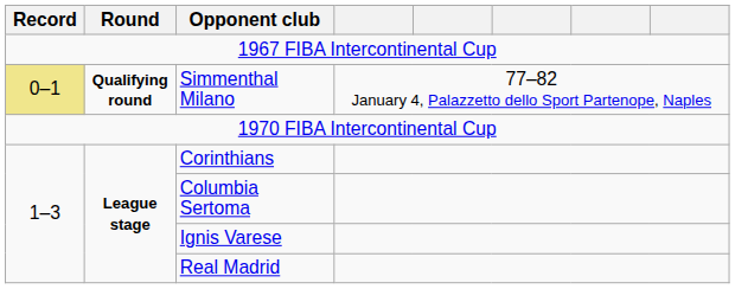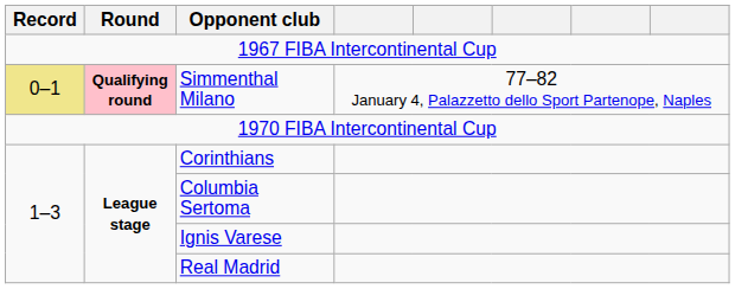 <table class="wikitable" width=100% style="text-align: center;">
 <tr>
 <th width=10%>Record</th>
 <th width=10%>Round</th>
 <th width=20%>Opponent club</th>
 <th width=10%></th>
 <th width=10%></th>
 <th width=10%></th>
 <th width=10%></th>
 <th width=10%></th>
 </tr>
 <tr>
 <td colspan=8><a href='#'>1967 FIBA Intercontinental Cup</a></td>
 </tr>
 <tr>
 <td style="background: khaki;">0–1</td>
-<td><small><strong>Qualifying round</strong></small></td>
+<td style="background: pink;"><small><strong>Qualifying round</strong></small></td>
 <td align=left> <a href='#'>Simmenthal Milano</a></td>
 <td colspan=5 style="text-align:center;">77–82<br><small>January 4, <a href='#'>Palazzetto dello Sport Partenope</a>, <a href='#'>Naples</a></small></td>
 </tr>
 <tr>
 <td colspan=8><a href='#'>1970 FIBA Intercontinental Cup</a></td>
 </tr>
 <tr>
 <td rowspan=4>1–3</td>
 <td rowspan=4><small><strong>League stage</strong></small></td>
 <td align=left> <a href='#'>Corinthians</a></td>
 <td colspan=5></td>
 </tr>
 <tr>
 <td align=left> <a href='#'>Columbia Sertoma</a></td>
 <td colspan=5></td>
 </tr>
 <tr>
 <td align=left> <a href='#'>Ignis Varese</a></td>
 <td colspan=5></td>
 </tr>
 <tr>
 <td align=left> <a href='#'>Real Madrid</a></td>
 <td colspan=5></td>
 </tr>
 </table>
